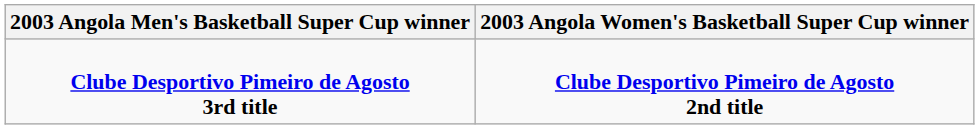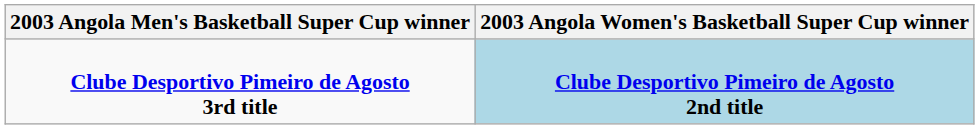 <table class=wikitable style="text-align:center; margin:auto">
 <tr>
 <th>2003 Angola Men's Basketball Super Cup winner</th>
 <th>2003 Angola Women's Basketball Super Cup winner</th>
 </tr>
 <tr>
 <td><br><strong><a href='#'>Clube Desportivo Pimeiro de Agosto</a></strong><br><strong>3rd title</strong></td>
-<td><br><strong><a href='#'>Clube Desportivo Pimeiro de Agosto</a></strong><br><strong>2nd title</strong></td>
+<td style="background: lightblue;"><br><strong><a href='#'>Clube Desportivo Pimeiro de Agosto</a></strong><br><strong>2nd title</strong></td>
 </tr>
 </table>
